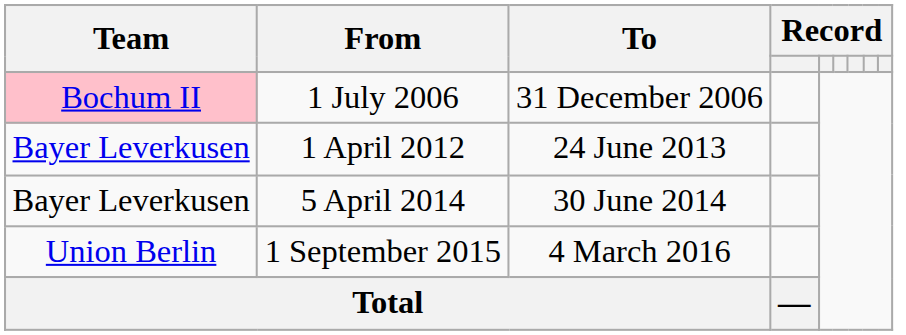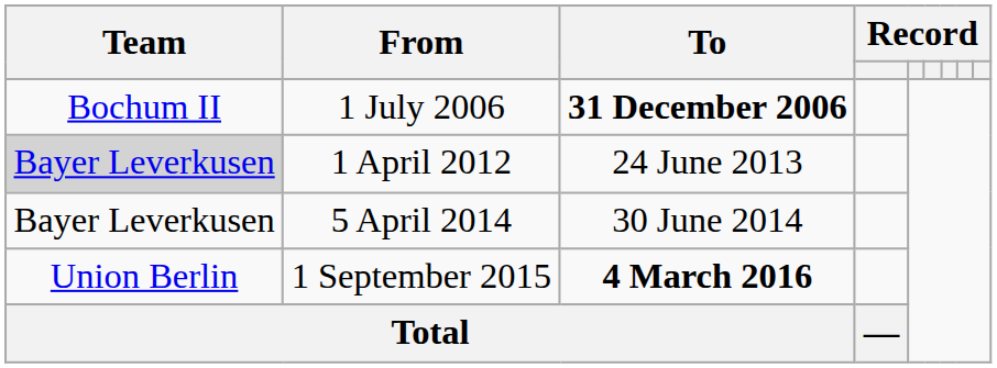 <table class="wikitable" style="text-align: center">
 <tr>
 <th rowspan="2">Team</th>
 <th rowspan="2">From</th>
 <th rowspan="2">To</th>
 <th colspan="6">Record</th>
 </tr>
 <tr>
 <th></th>
 <th></th>
 <th></th>
 <th></th>
 <th></th>
 <th></th>
 </tr>
 <tr>
-<td style="background: pink;"><a href='#'>Bochum II</a></td>
+<td><a href='#'>Bochum II</a></td>
 <td>1 July 2006</td>
-<td>31 December 2006<br></td>
+<td><strong>31 December 2006<br></strong></td>
 <td></td>
 </tr>
 <tr>
-<td><a href='#'>Bayer Leverkusen</a></td>
+<td style="background: lightgrey;"><a href='#'>Bayer Leverkusen</a></td>
 <td>1 April 2012</td>
 <td>24 June 2013<br></td>
 <td></td>
 </tr>
 <tr>
 <td>Bayer Leverkusen</td>
 <td>5 April 2014</td>
 <td>30 June 2014<br></td>
 <td></td>
 </tr>
 <tr>
 <td><a href='#'>Union Berlin</a></td>
 <td>1 September 2015</td>
-<td>4 March 2016<br></td>
+<td><strong>4 March 2016<br></strong></td>
 <td></td>
 </tr>
 <tr>
 <th colspan="3">Total<br></th>
 <th>—</th>
 </tr>
 </table>
